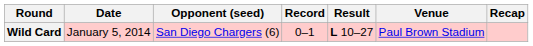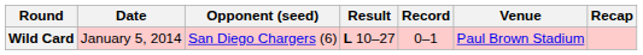 <table class="wikitable" style="text-align:center">
 <tr>
 <th>Round</th>
 <th>Date</th>
 <th>Opponent (seed)</th>
+<th>Result</th>
 <th>Record</th>
-<th>Result</th>
 <th>Venue</th>
 <th>Recap</th>
 </tr>
 <tr style="background:#fcc">
 <th>Wild Card</th>
 <td>January 5, 2014</td>
 <td><a href='#'>San Diego Chargers</a> (6)</td>
+<td><strong>L</strong> 10–27</td>
 <td>0–1</td>
-<td><strong>L</strong> 10–27</td>
 <td><a href='#'>Paul Brown Stadium</a></td>
 <td></td>
 </tr>
 </table>
